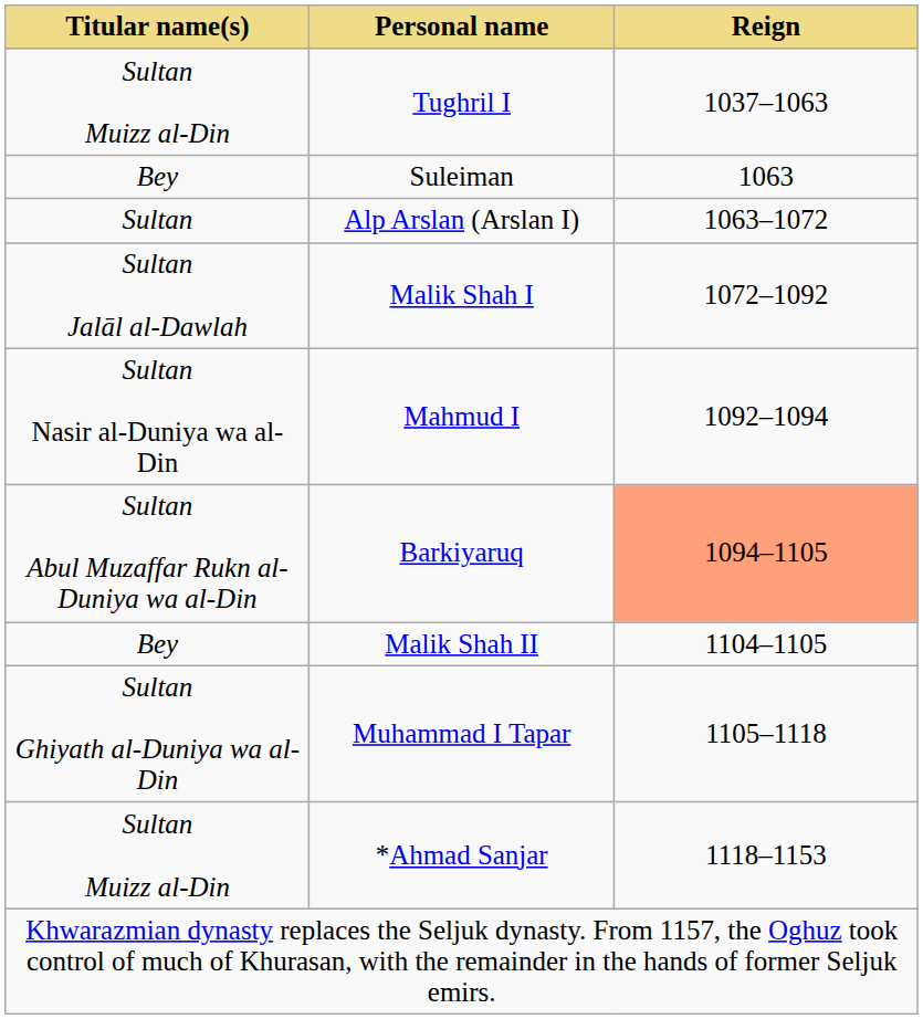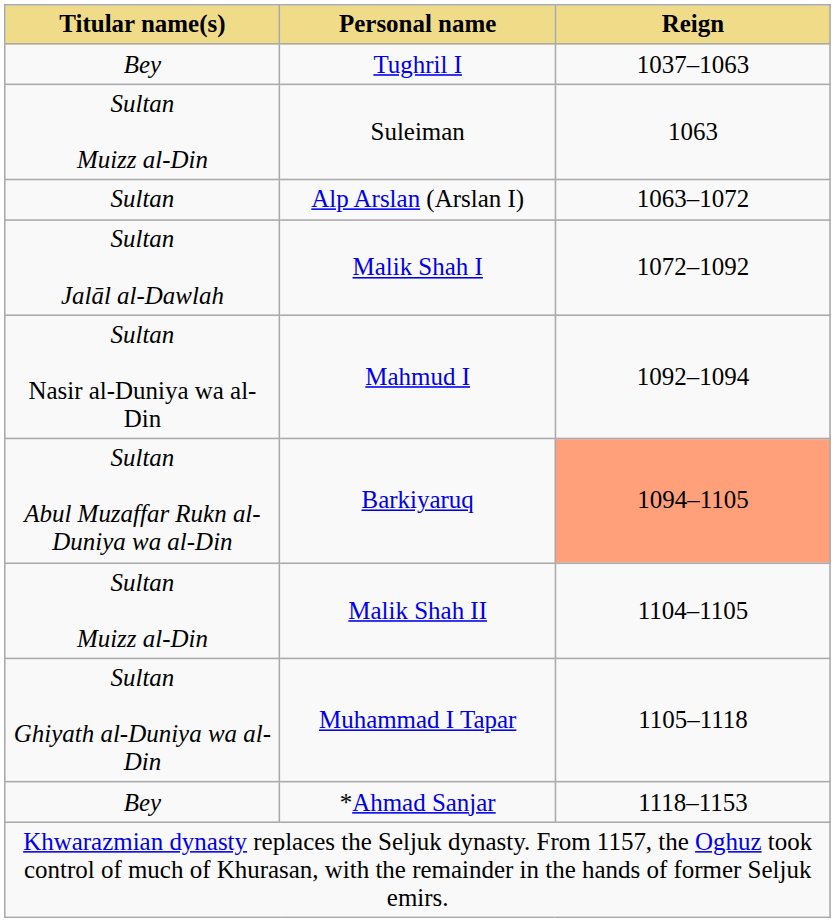 <table width=60% class="wikitable">
 <tr>
 <th style="background-color:#F0DC88" width=17%>Titular name(s)</th>
 <th style="background-color:#F0DC88" width=17%>Personal name</th>
 <th style="background-color:#F0DC88" width=17%>Reign</th>
 </tr>
 <tr>
-<td align="center"><em>Sultan</em><br><small></small><br><em>Muizz al-Din</em><br><small></small></td>
+<td align="center"><em>Bey</em><br><small></small></td>
 <td align="center"><a href='#'>Tughril I</a> <br><small></small></td>
 <td align="center">1037–1063</td>
 </tr>
 <tr>
-<td align="center"><em>Bey</em><br><small></small></td>
+<td align="center"><em>Sultan</em><br><small></small><br><em>Muizz al-Din</em><br><small></small></td>
 <td align="center">Suleiman<br><small></small></td>
 <td align="center">1063</td>
 </tr>
 <tr>
 <td align="center"><em>Sultan</em><br><small></small></td>
 <td align="center"><a href='#'>Alp Arslan</a>  (Arslan I) <br><small></small></td>
 <td align="center">1063–1072</td>
 </tr>
 <tr>
 <td align="center"><em>Sultan</em><br><small></small><br><em>Jalāl al-Dawlah</em><br><small></small></td>
 <td align="center"><a href='#'>Malik Shah I</a><br><small></small></td>
 <td align="center">1072–1092</td>
 </tr>
 <tr>
 <td align="center"><em>Sultan</em><br><small></small><br>Nasir al-Duniya wa al-Din<br><small></small></td>
 <td align="center"><a href='#'>Mahmud I</a><br><small></small></td>
 <td align="center">1092–1094</td>
 </tr>
 <tr>
 <td align="center"><em>Sultan</em><br><small></small><br><em>Abul Muzaffar Rukn al-Duniya wa al-Din</em><br><small></small></td>
 <td align="center"><a href='#'>Barkiyaruq</a> <br><small></small></td>
 <td align="center" style="background: lightsalmon;">1094–1105</td>
 </tr>
 <tr>
-<td align="center"><em>Bey</em><br><small></small></td>
+<td align="center"><em>Sultan</em><br><small></small><br><em>Muizz al-Din</em><br><small></small></td>
 <td align="center"><a href='#'>Malik Shah II</a><br><small></small></td>
 <td align="center">1104–1105</td>
 </tr>
 <tr>
 <td align="center"><em>Sultan</em><br><small></small><br><em>Ghiyath al-Duniya wa al-Din</em><br><small></small></td>
 <td align="center"><a href='#'>Muhammad I Tapar</a><br><small></small></td>
 <td align="center">1105–1118</td>
 </tr>
 <tr>
-<td align="center"><em>Sultan</em><br><small></small><br><em>Muizz al-Din</em><br><small></small></td>
+<td align="center"><em>Bey</em><br><small></small></td>
 <td align="center">*<a href='#'>Ahmad Sanjar</a><br><small></small></td>
 <td align="center">1118–1153</td>
 </tr>
 <tr>
 <td colspan="4" align="center"><a href='#'>Khwarazmian dynasty</a> replaces the Seljuk dynasty. From 1157, the <a href='#'>Oghuz</a> took control of much of Khurasan, with the remainder in the hands of former Seljuk emirs.</td>
 </tr>
 </table>
